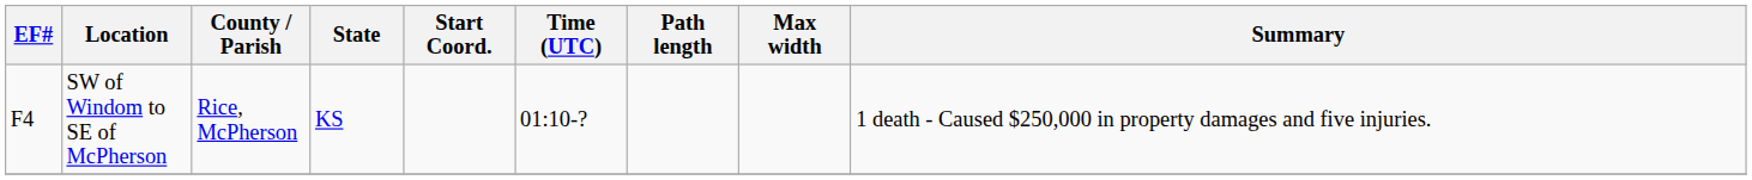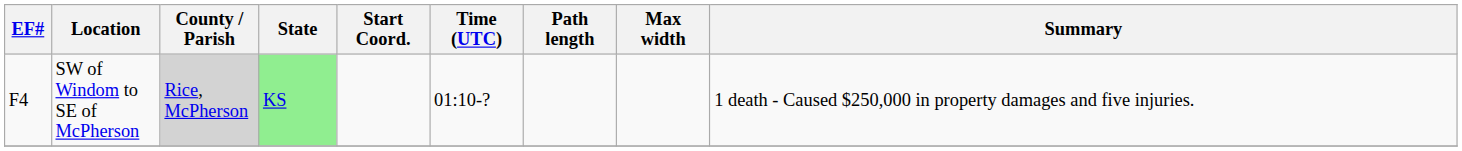 <table class="wikitable sortable" style="width:100%;">
 <tr>
 <th scope="col"  style="width:3%; text-align:center;"><a href='#'>EF#</a></th>
 <th scope="col"  style="width:7%; text-align:center;" class="unsortable">Location</th>
 <th scope="col"  style="width:6%; text-align:center;" class="unsortable">County / Parish</th>
 <th scope="col"  style="width:5%; text-align:center;">State</th>
 <th scope="col"  style="width:6%; text-align:center;">Start Coord.</th>
 <th scope="col"  style="width:6%; text-align:center;">Time (<a href='#'>UTC</a>)</th>
 <th scope="col"  style="width:6%; text-align:center;">Path length</th>
 <th scope="col"  style="width:6%; text-align:center;">Max width</th>
 <th scope="col" class="unsortable" style="width:48%; text-align:center;">Summary</th>
 </tr>
 <tr>
 <td>F4</td>
 <td>SW of <a href='#'>Windom</a> to SE of <a href='#'>McPherson</a></td>
-<td><a href='#'>Rice</a>, <a href='#'>McPherson</a></td>
-<td><a href='#'>KS</a></td>
+<td style="background: lightgrey;"><a href='#'>Rice</a>, <a href='#'>McPherson</a></td>
+<td style="background: lightgreen;"><a href='#'>KS</a></td>
 <td></td>
 <td>01:10-?</td>
 <td></td>
 <td></td>
 <td>1 death - Caused $250,000 in property damages and five injuries.</td>
 </tr>
 <tr>
 </tr>
 </table>
